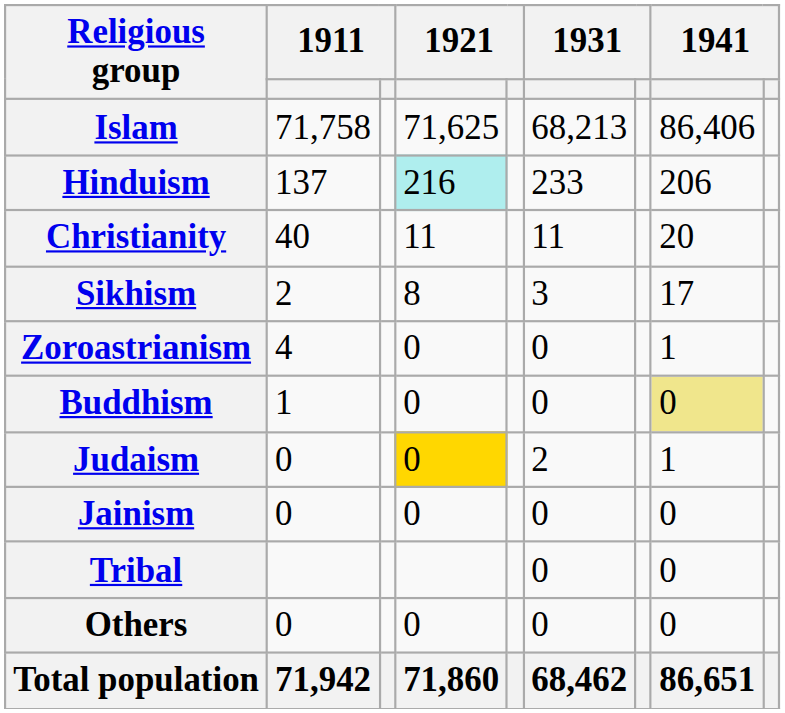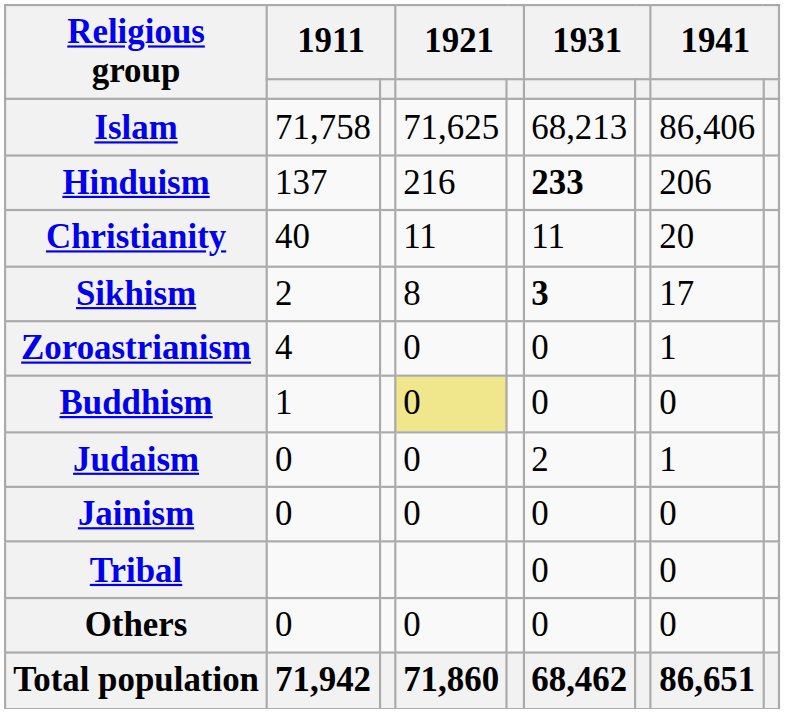 <table class="wikitable sortable">
 <tr>
 <th rowspan="2"><a href='#'>Religious</a><br>group</th>
 <th colspan="2">1911</th>
 <th colspan="2">1921</th>
 <th colspan="2">1931</th>
 <th colspan="2">1941</th>
 </tr>
 <tr>
 <th><a href='#'></a></th>
 <th></th>
 <th></th>
 <th></th>
 <th></th>
 <th></th>
 <th></th>
 <th></th>
 </tr>
 <tr>
 <th><a href='#'>Islam</a> </th>
 <td>71,758</td>
 <td></td>
 <td>71,625</td>
 <td></td>
 <td>68,213</td>
 <td></td>
 <td>86,406</td>
 <td></td>
 </tr>
 <tr>
 <th><a href='#'>Hinduism</a> </th>
 <td>137</td>
 <td></td>
-<td style="background: paleturquoise;">216</td>
+<td>216</td>
 <td></td>
-<td>233</td>
+<td><strong>233</strong></td>
 <td></td>
 <td>206</td>
 <td></td>
 </tr>
 <tr>
 <th><a href='#'>Christianity</a> </th>
 <td>40</td>
 <td></td>
 <td>11</td>
 <td></td>
 <td>11</td>
 <td></td>
 <td>20</td>
 <td></td>
 </tr>
 <tr>
 <th><a href='#'>Sikhism</a> </th>
 <td>2</td>
 <td></td>
 <td>8</td>
 <td></td>
-<td>3</td>
+<td><strong>3</strong></td>
 <td></td>
 <td>17</td>
 <td></td>
 </tr>
 <tr>
 <th><a href='#'>Zoroastrianism</a> </th>
 <td>4</td>
 <td></td>
 <td>0</td>
 <td></td>
 <td>0</td>
 <td></td>
 <td>1</td>
 <td></td>
 </tr>
 <tr>
 <th><a href='#'>Buddhism</a> </th>
 <td>1</td>
 <td></td>
+<td style="background: khaki;">0</td>
+<td></td>
 <td>0</td>
 <td></td>
 <td>0</td>
-<td></td>
-<td style="background: khaki;">0</td>
 <td></td>
 </tr>
 <tr>
 <th><a href='#'>Judaism</a> </th>
 <td>0</td>
 <td></td>
-<td style="background: gold;">0</td>
+<td>0</td>
 <td></td>
 <td>2</td>
 <td></td>
 <td>1</td>
 <td></td>
 </tr>
 <tr>
 <th><a href='#'>Jainism</a> </th>
 <td>0</td>
 <td></td>
 <td>0</td>
 <td></td>
 <td>0</td>
 <td></td>
 <td>0</td>
 <td></td>
 </tr>
 <tr>
 <th><a href='#'>Tribal</a></th>
 <td></td>
 <td></td>
 <td></td>
 <td></td>
 <td>0</td>
 <td></td>
 <td>0</td>
 <td></td>
 </tr>
 <tr>
 <th>Others</th>
 <td>0</td>
 <td></td>
 <td>0</td>
 <td></td>
 <td>0</td>
 <td></td>
 <td>0</td>
 <td></td>
 </tr>
 <tr>
 <th>Total population</th>
 <th>71,942</th>
 <th></th>
 <th>71,860</th>
 <th></th>
 <th>68,462</th>
 <th></th>
 <th>86,651</th>
 <th></th>
 </tr>
 <tr class="sortbottom">
 </tr>
 </table>
